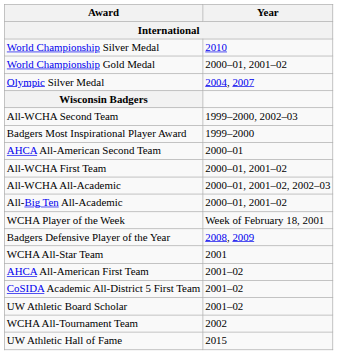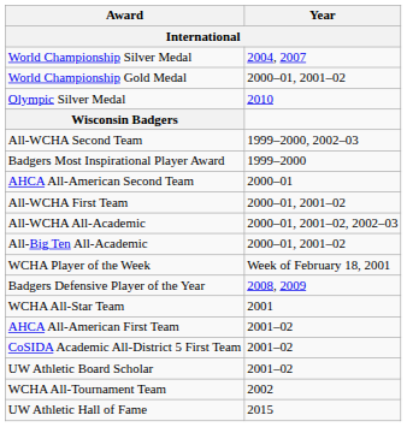 <table class="wikitable">
 <tr>
 <th scope="col">Award</th>
 <th scope="col">Year</th>
 </tr>
 <tr>
 <th colspan="2" style="text-align:center;">International</th>
 </tr>
 <tr>
 <td><a href='#'>World Championship</a> Silver Medal</td>
-<td><a href='#'>2010</a></td>
+<td><a href='#'>2004</a>, <a href='#'>2007</a></td>
 </tr>
 <tr>
 <td><a href='#'>World Championship</a> Gold Medal</td>
 <td>2000–01, 2001–02</td>
 </tr>
 <tr>
 <td><a href='#'>Olympic</a> Silver Medal</td>
-<td><a href='#'>2004</a>, <a href='#'>2007</a></td>
+<td><a href='#'>2010</a></td>
 </tr>
 <tr>
 <th>Wisconsin Badgers</th>
 </tr>
 <tr>
 <td>All-WCHA Second Team</td>
 <td>1999–2000, 2002–03</td>
 </tr>
 <tr>
 <td>Badgers Most Inspirational Player Award</td>
 <td>1999–2000</td>
 </tr>
 <tr>
 <td><a href='#'>AHCA</a> All-American Second Team</td>
 <td>2000–01</td>
 </tr>
 <tr>
 <td>All-WCHA First Team</td>
 <td>2000–01, 2001–02</td>
 </tr>
 <tr>
 <td>All-WCHA All-Academic</td>
 <td>2000–01, 2001–02, 2002–03</td>
 </tr>
 <tr>
 <td>All-<a href='#'>Big Ten</a> All-Academic</td>
 <td>2000–01, 2001–02</td>
 </tr>
 <tr>
 <td>WCHA Player of the Week</td>
 <td>Week of February 18, 2001</td>
 </tr>
 <tr>
 <td>Badgers Defensive Player of the Year</td>
 <td><a href='#'>2008</a>, <a href='#'>2009</a></td>
 </tr>
 <tr>
 <td>WCHA All-Star Team</td>
 <td>2001</td>
 </tr>
 <tr>
 <td><a href='#'>AHCA</a> All-American First Team</td>
 <td>2001–02</td>
 </tr>
 <tr>
 <td><a href='#'>CoSIDA</a> Academic All-District 5 First Team</td>
 <td>2001–02</td>
 </tr>
 <tr>
 <td>UW Athletic Board Scholar</td>
 <td>2001–02</td>
 </tr>
 <tr>
 <td>WCHA All-Tournament Team</td>
 <td>2002</td>
 </tr>
 <tr>
 <td>UW Athletic Hall of Fame</td>
 <td>2015</td>
 </tr>
 </table>
